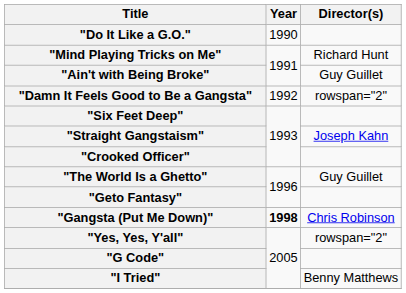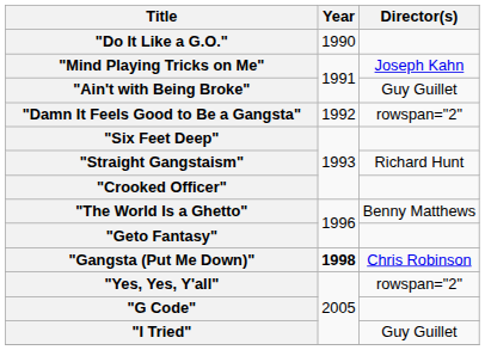 <table class="wikitable plainrowheaders" style="text-align:center;">
 <tr>
 <th scope="col" style="width:20em;">Title</th>
 <th scope="col">Year</th>
 <th scope="col">Director(s)</th>
 </tr>
 <tr>
 <th scope="row">"Do It Like a G.O."</th>
 <td>1990</td>
 <td></td>
 </tr>
 <tr>
 <th scope="row">"Mind Playing Tricks on Me"</th>
 <td rowspan="2">1991</td>
-<td>Richard Hunt</td>
+<td><a href='#'>Joseph Kahn</a></td>
 </tr>
 <tr>
 <th scope="row">"Ain't with Being Broke"</th>
 <td>Guy Guillet</td>
 </tr>
 <tr>
 <th scope="row">"Damn It Feels Good to Be a Gangsta"</th>
 <td>1992</td>
 <td>rowspan="2" </td>
 </tr>
 <tr>
 <th scope="row">"Six Feet Deep"</th>
 <td rowspan="3">1993</td>
 </tr>
 <tr>
 <th scope="row">"Straight Gangstaism"</th>
-<td><a href='#'>Joseph Kahn</a></td>
+<td>Richard Hunt</td>
 </tr>
 <tr>
 <th scope="row">"Crooked Officer"</th>
 <td></td>
 </tr>
 <tr>
 <th scope="row">"The World Is a Ghetto"</th>
 <td rowspan="2">1996</td>
-<td>Guy Guillet</td>
+<td>Benny Matthews</td>
 </tr>
 <tr>
 <th scope="row">"Geto Fantasy"</th>
 <td></td>
 </tr>
 <tr>
 <th scope="row">"Gangsta (Put Me Down)"</th>
 <td><strong>1998</strong></td>
 <td><a href='#'>Chris Robinson</a></td>
 </tr>
 <tr>
 <th scope="row">"Yes, Yes, Y'all"</th>
 <td rowspan="3">2005</td>
 <td>rowspan="2" </td>
 </tr>
 <tr>
 <th scope="row">"G Code"</th>
 </tr>
 <tr>
 <th scope="row">"I Tried"</th>
-<td>Benny Matthews</td>
+<td>Guy Guillet</td>
 </tr>
 <tr>
 </tr>
 </table>
